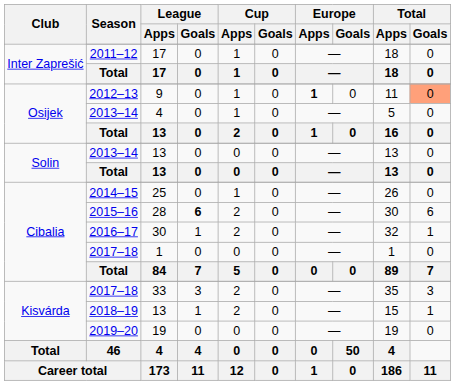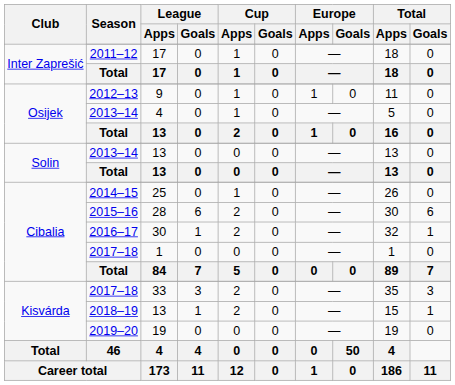 <table class="wikitable" style="text-align: center;">
 <tr>
 <th rowspan="2">Club</th>
 <th rowspan="2">Season</th>
 <th colspan="2">League</th>
 <th colspan="2">Cup</th>
 <th colspan="2">Europe</th>
 <th colspan="2">Total</th>
 </tr>
 <tr>
 <th>Apps</th>
 <th>Goals</th>
 <th>Apps</th>
 <th>Goals</th>
 <th>Apps</th>
 <th>Goals</th>
 <th>Apps</th>
 <th>Goals</th>
 </tr>
 <tr>
 <td rowspan="3"><a href='#'>Inter Zaprešić</a></td>
 </tr>
 <tr>
 <td><a href='#'>2011–12</a></td>
 <td>17</td>
 <td>0</td>
 <td>1</td>
 <td>0</td>
 <td colspan="2">—</td>
 <td>18</td>
 <td>0</td>
 </tr>
 <tr>
 <th>Total</th>
 <th>17</th>
 <th>0</th>
 <th>1</th>
 <th>0</th>
 <th colspan="2">—</th>
 <th>18</th>
 <th>0</th>
 </tr>
 <tr>
 <td rowspan="4"><a href='#'>Osijek</a></td>
 </tr>
 <tr>
 <td><a href='#'>2012–13</a></td>
 <td>9</td>
 <td>0</td>
 <td>1</td>
 <td>0</td>
-<td><strong>1</strong></td>
+<td>1</td>
 <td>0</td>
 <td>11</td>
-<td style="background: lightsalmon;">0</td>
+<td>0</td>
 </tr>
 <tr>
 <td><a href='#'>2013–14</a></td>
 <td>4</td>
 <td>0</td>
 <td>1</td>
 <td>0</td>
 <td colspan="2">—</td>
 <td>5</td>
 <td>0</td>
 </tr>
 <tr>
 <th>Total</th>
 <th>13</th>
 <th>0</th>
 <th>2</th>
 <th>0</th>
 <th>1</th>
 <th>0</th>
 <th>16</th>
 <th>0</th>
 </tr>
 <tr>
 <td rowspan="3"><a href='#'>Solin</a></td>
 </tr>
 <tr>
 <td><a href='#'>2013–14</a></td>
 <td>13</td>
 <td>0</td>
 <td>0</td>
 <td>0</td>
 <td colspan="2">—</td>
 <td>13</td>
 <td>0</td>
 </tr>
 <tr>
 <th>Total</th>
 <th>13</th>
 <th>0</th>
 <th>0</th>
 <th>0</th>
 <th colspan="2">—</th>
 <th>13</th>
 <th>0</th>
 </tr>
 <tr>
 <td rowspan="6"><a href='#'>Cibalia</a></td>
 </tr>
 <tr>
 <td><a href='#'>2014–15</a></td>
 <td>25</td>
 <td>0</td>
 <td>1</td>
 <td>0</td>
 <td colspan="2">—</td>
 <td>26</td>
 <td>0</td>
 </tr>
 <tr>
 <td><a href='#'>2015–16</a></td>
 <td>28</td>
-<td><strong>6</strong></td>
+<td>6</td>
 <td>2</td>
 <td>0</td>
 <td colspan="2">—</td>
 <td>30</td>
 <td>6</td>
 </tr>
 <tr>
 <td><a href='#'>2016–17</a></td>
 <td>30</td>
 <td>1</td>
 <td>2</td>
 <td>0</td>
 <td colspan="2">—</td>
 <td>32</td>
 <td>1</td>
 </tr>
 <tr>
 <td><a href='#'>2017–18</a></td>
 <td>1</td>
 <td>0</td>
 <td>0</td>
 <td>0</td>
 <td colspan="2">—</td>
 <td>1</td>
 <td>0</td>
 </tr>
 <tr>
 <th>Total</th>
 <th>84</th>
 <th>7</th>
 <th>5</th>
 <th>0</th>
 <th>0</th>
 <th>0</th>
 <th>89</th>
 <th>7</th>
 </tr>
 <tr>
 <td rowspan="4"><a href='#'>Kisvárda</a></td>
 </tr>
 <tr>
 <td><a href='#'>2017–18</a></td>
 <td>33</td>
 <td>3</td>
 <td>2</td>
 <td>0</td>
 <td colspan="2">—</td>
 <td>35</td>
 <td>3</td>
 </tr>
 <tr>
 <td><a href='#'>2018–19</a></td>
 <td>13</td>
 <td>1</td>
 <td>2</td>
 <td>0</td>
 <td colspan="2">—</td>
 <td>15</td>
 <td>1</td>
 </tr>
 <tr>
 <td><a href='#'>2019–20</a></td>
 <td>19</td>
 <td>0</td>
 <td>0</td>
 <td>0</td>
 <td colspan="2">—</td>
 <td>19</td>
 <td>0</td>
 </tr>
 <tr>
 <th>Total</th>
 <th>46</th>
 <th>4</th>
 <th>4</th>
 <th>0</th>
 <th>0</th>
 <th>0</th>
 <th>50</th>
 <th>4</th>
 </tr>
 <tr>
 <th colspan="2">Career total</th>
 <th>173</th>
 <th>11</th>
 <th>12</th>
 <th>0</th>
 <th>1</th>
 <th>0</th>
 <th>186</th>
 <th>11</th>
 </tr>
 </table>
